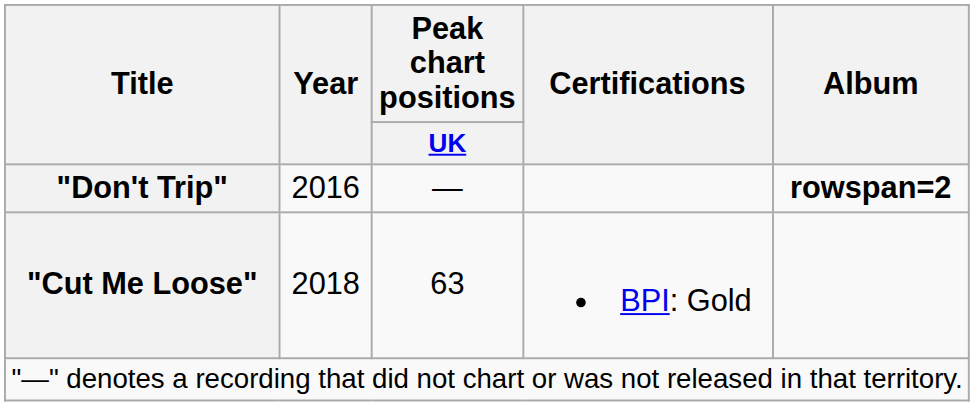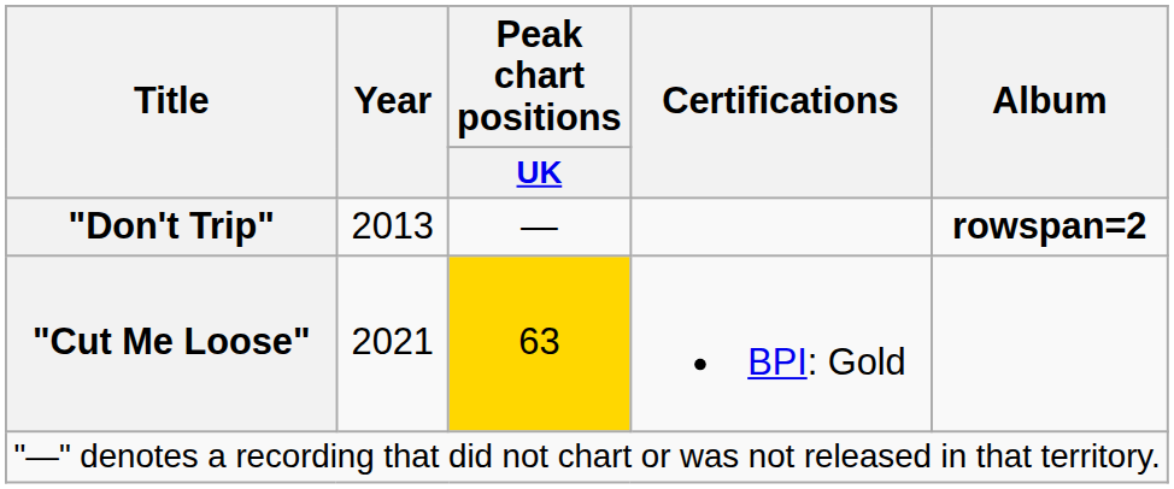 <table class="wikitable plainrowheaders" style="text-align:center;">
 <tr>
 <th scope="col" rowspan="2">Title</th>
 <th scope="col" rowspan="2">Year</th>
 <th scope="col" colspan="1">Peak chart positions</th>
 <th scope="col" rowspan="2">Certifications</th>
 <th scope="col" rowspan="2">Album</th>
 </tr>
 <tr>
 <th scope="col" style="width:3em;font-size:85%;"><a href='#'>UK</a><br></th>
 </tr>
 <tr>
 <th scope="row">"Don't Trip"</th>
-<td>2016</td>
+<td>2013</td>
 <td>—</td>
 <td></td>
 <td><strong>rowspan=2 </strong></td>
 </tr>
 <tr>
 <th scope="row">"Cut Me Loose" <br></th>
-<td>2018</td>
-<td>63</td>
+<td>2021</td>
+<td style="background: gold;">63</td>
 <td><br><ul><li><a href='#'>BPI</a>: Gold</li></ul></td>
 </tr>
 <tr>
 <td colspan="6" style="font-size:90%">"—" denotes a recording that did not chart or was not released in that territory.</td>
 </tr>
 </table>
